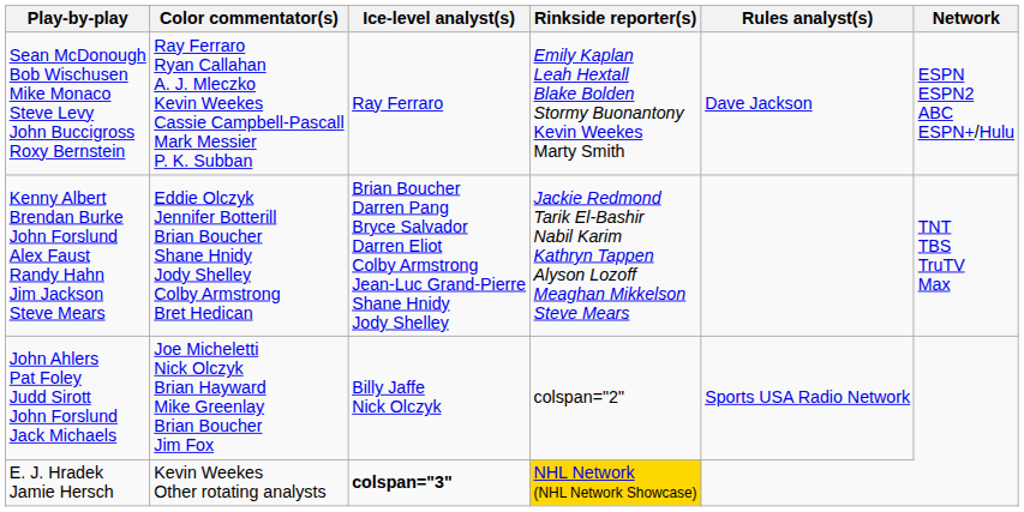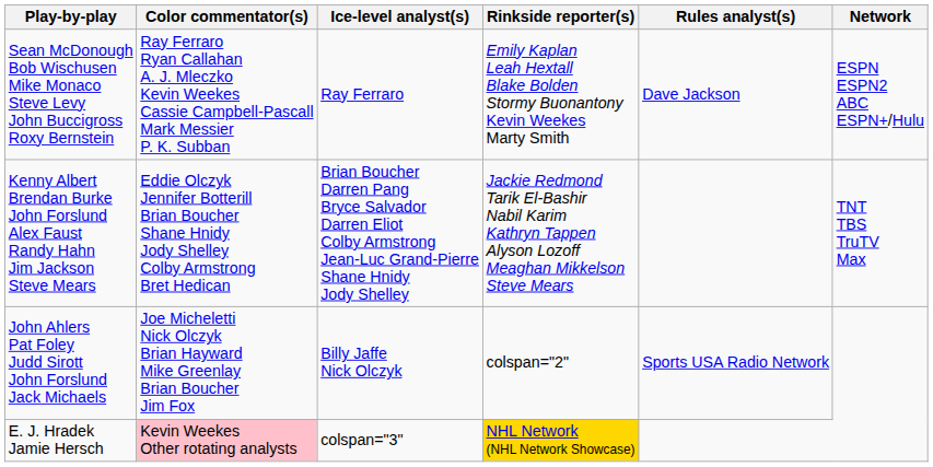 <table class="wikitable">
 <tr>
 <th>Play-by-play</th>
 <th>Color commentator(s)</th>
 <th>Ice-level analyst(s)</th>
 <th>Rinkside reporter(s)</th>
 <th>Rules analyst(s)</th>
 <th>Network</th>
 </tr>
 <tr>
 <td><a href='#'>Sean McDonough</a><br><a href='#'>Bob Wischusen</a><br><a href='#'>Mike Monaco</a><br><a href='#'>Steve Levy</a><br><a href='#'>John Buccigross</a><br><a href='#'>Roxy Bernstein</a></td>
 <td><a href='#'>Ray Ferraro</a><br><a href='#'>Ryan Callahan</a><br><a href='#'>A. J. Mleczko</a><br><a href='#'>Kevin Weekes</a><br><a href='#'>Cassie Campbell-Pascall</a><br><a href='#'>Mark Messier</a><br><a href='#'>P. K. Subban</a></td>
 <td><a href='#'>Ray Ferraro</a></td>
 <td><em><a href='#'>Emily Kaplan</a></em><br><em><a href='#'>Leah Hextall</a></em><br><em><a href='#'>Blake Bolden</a></em><br><em>Stormy Buonantony</em><br><a href='#'>Kevin Weekes</a><br>Marty Smith</td>
 <td><a href='#'>Dave Jackson</a></td>
 <td><a href='#'>ESPN</a><br><a href='#'>ESPN2</a><br><a href='#'>ABC</a><br><a href='#'>ESPN+</a>/<a href='#'>Hulu</a></td>
 </tr>
 <tr>
 <td><a href='#'>Kenny Albert</a><br><a href='#'>Brendan Burke</a><br><a href='#'>John Forslund</a><br><a href='#'>Alex Faust</a><br><a href='#'>Randy Hahn</a><br><a href='#'>Jim Jackson</a><br><a href='#'>Steve Mears</a></td>
 <td><a href='#'>Eddie Olczyk</a><br><a href='#'>Jennifer Botterill</a><br><a href='#'>Brian Boucher</a><br><a href='#'>Shane Hnidy</a><br><a href='#'>Jody Shelley</a><br><a href='#'>Colby Armstrong</a><br><a href='#'>Bret Hedican</a></td>
 <td><a href='#'>Brian Boucher</a><br><a href='#'>Darren Pang</a><br><a href='#'>Bryce Salvador</a><br><a href='#'>Darren Eliot</a><br><a href='#'>Colby Armstrong</a><br><a href='#'>Jean-Luc Grand-Pierre</a><br><a href='#'>Shane Hnidy</a><br><a href='#'>Jody Shelley</a></td>
 <td><em><a href='#'>Jackie Redmond</a></em><br><em>Tarik El-Bashir</em><br><em>Nabil Karim</em><br><em><a href='#'>Kathryn Tappen</a></em><br><em>Alyson Lozoff</em><br><em><a href='#'>Meaghan Mikkelson</a></em><br><em><a href='#'>Steve Mears</a></em></td>
 <td></td>
 <td><a href='#'>TNT</a><br><a href='#'>TBS</a><br><a href='#'>TruTV</a><br><a href='#'>Max</a></td>
 </tr>
 <tr>
 <td><a href='#'>John Ahlers</a><br><a href='#'>Pat Foley</a><br><a href='#'>Judd Sirott</a><br><a href='#'>John Forslund</a><br><a href='#'>Jack Michaels</a></td>
 <td><a href='#'>Joe Micheletti</a><br><a href='#'>Nick Olczyk</a><br><a href='#'>Brian Hayward</a><br><a href='#'>Mike Greenlay</a><br><a href='#'>Brian Boucher</a><br><a href='#'>Jim Fox</a></td>
 <td><a href='#'>Billy Jaffe</a><br><a href='#'>Nick Olczyk</a></td>
 <td>colspan="2" </td>
 <td><a href='#'>Sports USA Radio Network</a></td>
 </tr>
 <tr>
 <td>E. J. Hradek<br>Jamie Hersch</td>
-<td>Kevin Weekes<br>Other rotating analysts</td>
-<td><strong>colspan="3" </strong></td>
+<td style="background: pink;">Kevin Weekes<br>Other rotating analysts</td>
+<td>colspan="3" </td>
 <td style="background: gold;"><a href='#'>NHL Network</a> <br><small>(NHL Network Showcase)</small></td>
 </tr>
 </table>
